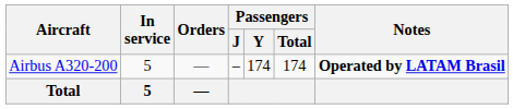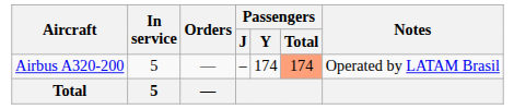 <table class="wikitable" style="margin:0.5em auto; border-collapse:collapse;text-align:center">
 <tr>
 <th rowspan=2>Aircraft</th>
 <th rowspan=2>In <br> service</th>
 <th rowspan=2>Orders</th>
 <th colspan=3>Passengers</th>
 <th rowspan=2>Notes</th>
 </tr>
 <tr>
 <th><abbr>J</abbr></th>
 <th><abbr>Y</abbr></th>
 <th>Total</th>
 </tr>
 <tr>
 <td><a href='#'>Airbus A320-200</a></td>
 <td>5</td>
 <td>—</td>
 <td>–</td>
 <td>174</td>
-<td>174</td>
-<td><strong>Operated by <a href='#'>LATAM Brasil</a></strong></td>
+<td style="background: lightsalmon;">174</td>
+<td>Operated by <a href='#'>LATAM Brasil</a></td>
 </tr>
 <tr>
 <th>Total</th>
 <th>5</th>
 <th>—</th>
 <th colspan=3></th>
 <th></th>
 </tr>
 </table>
